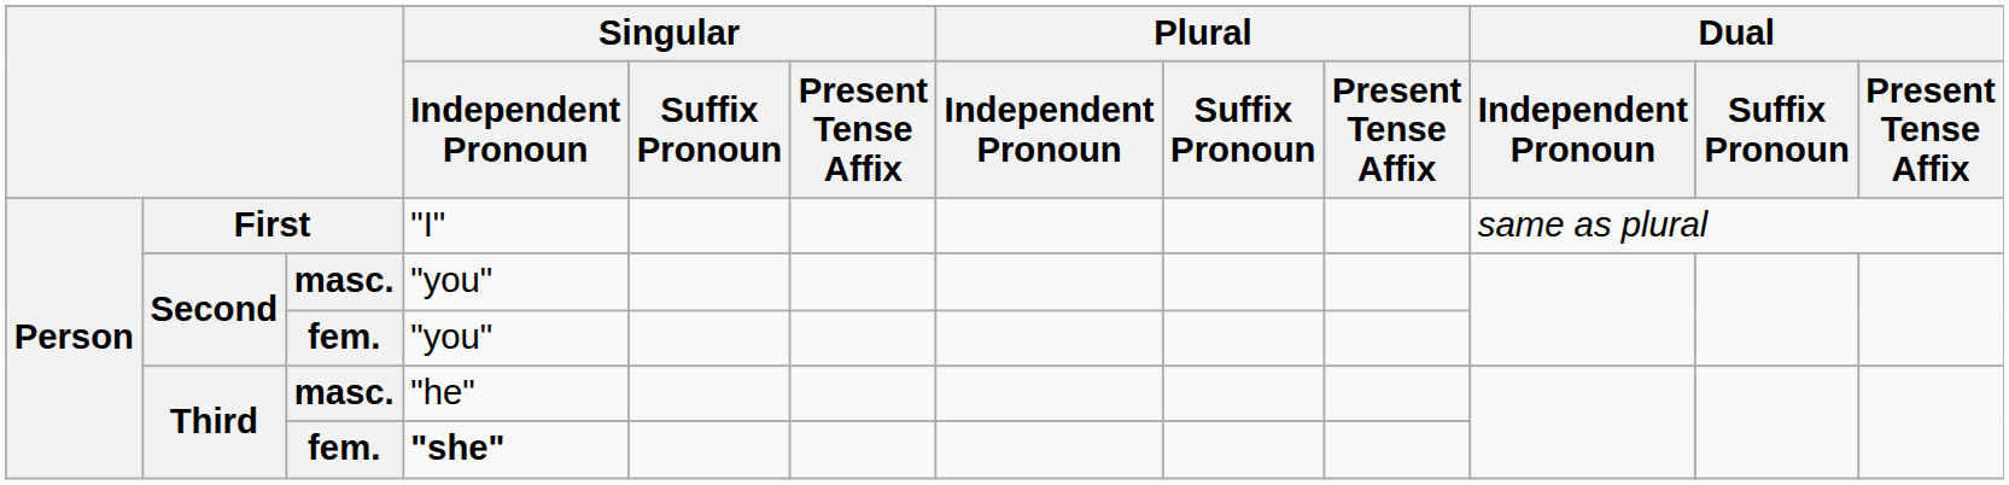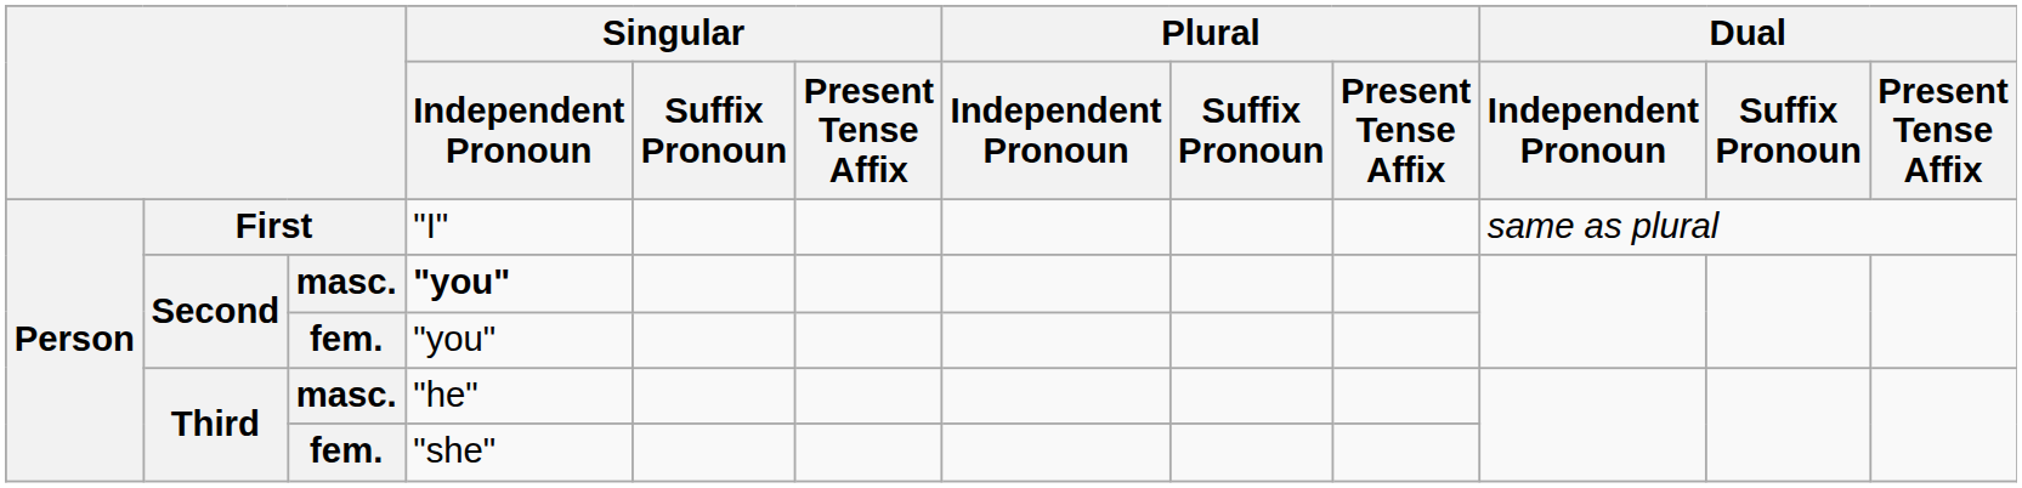 <table class="wikitable">
 <tr>
 <th rowspan=2 colspan=3></th>
 <th colspan=3>Singular</th>
 <th colspan=3>Plural</th>
 <th colspan=3>Dual</th>
 </tr>
 <tr>
 <th>Independent<br>Pronoun</th>
 <th>Suffix<br>Pronoun</th>
 <th>Present Tense<br>Affix</th>
 <th>Independent<br>Pronoun</th>
 <th>Suffix<br>Pronoun</th>
 <th>Present Tense<br>Affix</th>
 <th>Independent<br>Pronoun</th>
 <th>Suffix<br>Pronoun</th>
 <th>Present Tense<br>Affix</th>
 </tr>
 <tr>
 <th rowspan=5>Person</th>
 <th colspan=2>First</th>
 <td>  "I"</td>
 <td><br></td>
 <td> </td>
 <td> </td>
 <td> </td>
 <td> </td>
 <td colspan=3><em>same as plural</em></td>
 </tr>
 <tr>
 <th rowspan=2>Second</th>
 <th>masc.</th>
-<td>  "you"</td>
+<td><strong>  "you"</strong></td>
 <td> </td>
 <td> </td>
 <td> </td>
 <td> </td>
 <td> </td>
 <td rowspan="2"> </td>
 <td rowspan="2"> </td>
 <td rowspan="2"> </td>
 </tr>
 <tr>
 <th>fem.</th>
 <td>  "you"</td>
 <td> </td>
 <td> </td>
 <td> </td>
 <td> </td>
 <td> </td>
 </tr>
 <tr>
 <th rowspan=2>Third</th>
 <th>masc.</th>
 <td>  "he"</td>
 <td> </td>
 <td> </td>
 <td> </td>
 <td> </td>
 <td> </td>
 <td rowspan="2"> </td>
 <td rowspan="2"> </td>
 <td rowspan="2"> </td>
 </tr>
 <tr>
 <th>fem.</th>
-<td><strong>  "she"</strong></td>
+<td>  "she"</td>
 <td> </td>
 <td> </td>
 <td> </td>
 <td> </td>
 <td> </td>
 </tr>
 </table>
